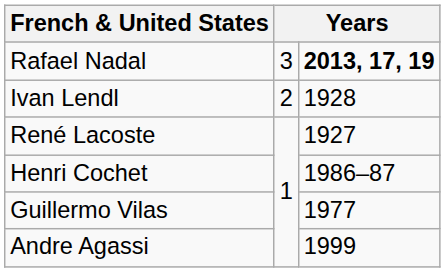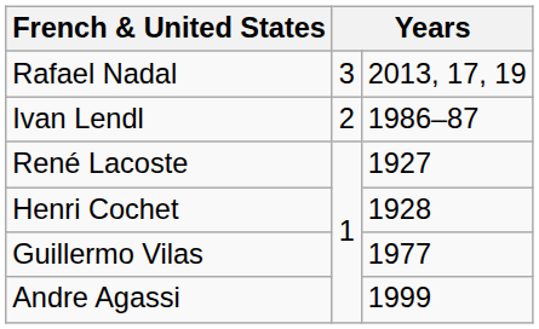 <table class=wikitable style="display:inline-table;">
 <tr>
 <th>French & United States</th>
 <th colspan=2>Years</th>
 </tr>
 <tr>
 <td> Rafael Nadal</td>
 <td>3</td>
-<td><strong>2013, 17, 19</strong></td>
+<td>2013, 17, 19</td>
 </tr>
 <tr>
 <td> Ivan Lendl</td>
 <td>2</td>
-<td>1928</td>
+<td>1986–87</td>
 </tr>
 <tr>
 <td> René Lacoste</td>
 <td rowspan=4>1</td>
 <td>1927</td>
 </tr>
 <tr>
 <td> Henri Cochet</td>
-<td>1986–87</td>
+<td>1928</td>
 </tr>
 <tr>
 <td> Guillermo Vilas</td>
 <td>1977</td>
 </tr>
 <tr>
 <td> Andre Agassi</td>
 <td>1999</td>
 </tr>
 </table>
